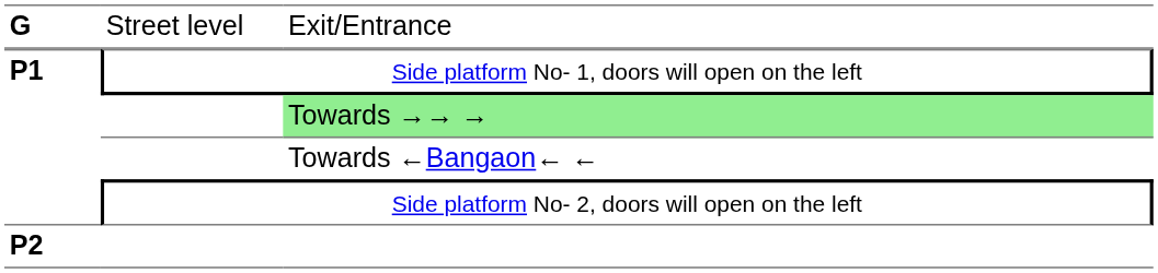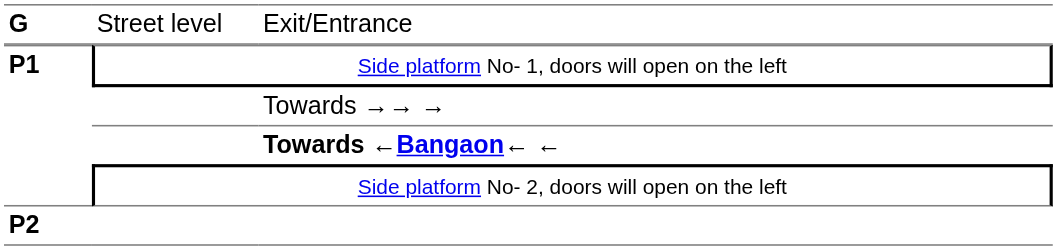 <table border="0" cellspacing="0" cellpadding="3" table>
 <tr>
 <td style="border-bottom:solid 1px gray;border-top:solid 1px gray;" width="50" valign="top"><strong>G</strong></td>
 <td style="border-top:solid 1px gray;border-bottom:solid 1px gray;" width="100" valign="top">Street level</td>
 <td style="border-top:solid 1px gray;border-bottom:solid 1px gray;" width="500" valign="top">Exit/Entrance</td>
 </tr>
 <tr>
 <td rowspan="4" style="border-top:solid 1px gray;border-bottom:solid 1px gray;" width="50" valign="top"><strong>P1</strong></td>
 <td colspan="2" style="border-top:solid 1px gray;border-right:solid 2px black;border-left:solid 2px black;border-bottom:solid 2px black;text-align:center;"><small><a href='#'>Side platform</a> No- 1, doors will open on the left </small></td>
 </tr>
 <tr>
 <td style="border-bottom:solid 1px gray;" width="100"></td>
-<td style="background: lightgreen; border-bottom:solid 1px gray;" width="500">Towards →→ →</td>
+<td style="border-bottom:solid 1px gray;" width="500">Towards →→ →</td>
 </tr>
 <tr>
 <td></td>
-<td>Towards ←<a href='#'>Bangaon</a>← ←</td>
+<td><strong>Towards ←<a href='#'>Bangaon</a>← ←</strong></td>
 </tr>
 <tr>
 <td colspan="2" style="border-top:solid 2px black;border-right:solid 2px black;border-left:solid 2px black;border-bottom:solid 1px gray;text-align:center;"><small><a href='#'>Side platform</a> No- 2, doors will open on the left </small></td>
 </tr>
 <tr>
 <td rowspan="2" style="border-bottom:solid 1px gray;" width="50" valign="top"><strong>P2</strong></td>
 <td style="border-bottom:solid 1px gray;" width="100"></td>
 <td style="border-bottom:solid 1px gray;" width="500"></td>
 </tr>
 <tr>
 </tr>
 </table>
